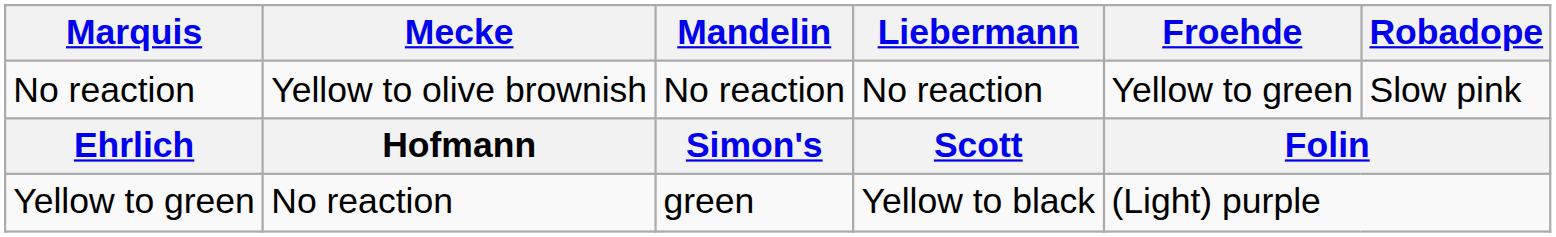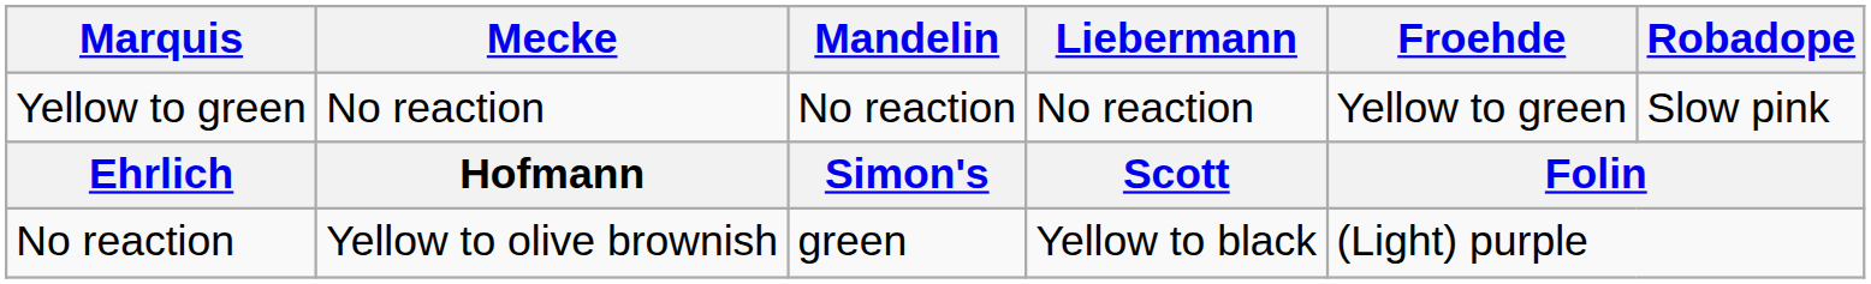 <table class="wikitable">
 <tr>
 <th><a href='#'>Marquis</a></th>
 <th><a href='#'>Mecke</a></th>
 <th><a href='#'>Mandelin</a></th>
 <th><a href='#'>Liebermann</a></th>
 <th><a href='#'>Froehde</a></th>
 <th><a href='#'>Robadope</a></th>
 </tr>
 <tr>
+<td>Yellow to green</td>
 <td>No reaction</td>
-<td>Yellow to olive brownish</td>
 <td>No reaction</td>
 <td>No reaction</td>
 <td>Yellow to green</td>
 <td>Slow pink</td>
 </tr>
 <tr>
 <th><a href='#'>Ehrlich</a></th>
 <th>Hofmann</th>
 <th><a href='#'>Simon's</a></th>
 <th><a href='#'>Scott</a></th>
 <th colspan="2"><a href='#'>Folin</a></th>
 </tr>
 <tr>
-<td>Yellow to green</td>
 <td>No reaction</td>
+<td>Yellow to olive brownish</td>
 <td>green</td>
 <td>Yellow to black</td>
 <td colspan="2">(Light) purple</td>
 </tr>
 </table>
